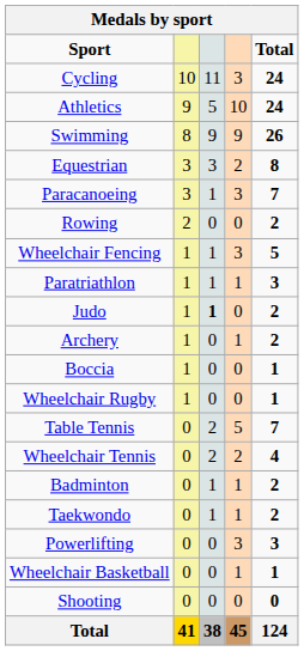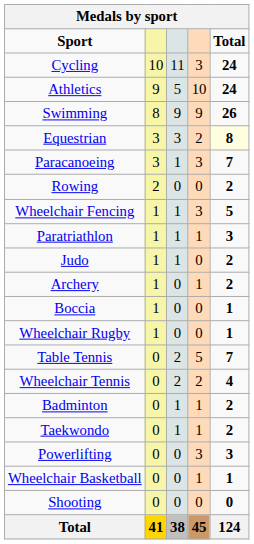 <table class="wikitable" style="font-size:95%">
 <tr style="background:#efefef;">
 <th colspan=5>Medals by sport</th>
 </tr>
 <tr style="text-align:center;">
 <td><strong>Sport</strong></td>
 <td bgcolor=#f7f6a8></td>
 <td bgcolor=#dce5e5></td>
 <td bgcolor=#ffdab9></td>
 <td><strong>Total</strong></td>
 </tr>
 <tr style="text-align:center;">
 <td><a href='#'>Cycling</a></td>
 <td style="background:#F7F6A8;">10</td>
 <td style="background:#DCE5E5;">11</td>
 <td style="background:#FFDAB9;">3</td>
 <td><strong>24</strong></td>
 </tr>
 <tr style="text-align:center;">
 <td><a href='#'>Athletics</a></td>
 <td style="background:#F7F6A8;">9</td>
 <td style="background:#DCE5E5;">5</td>
 <td style="background:#FFDAB9;">10</td>
 <td><strong>24</strong></td>
 </tr>
 <tr style="text-align:center;">
 <td><a href='#'>Swimming</a></td>
 <td style="background:#F7F6A8;">8</td>
 <td style="background:#DCE5E5;">9</td>
 <td style="background:#FFDAB9;">9</td>
 <td><strong>26</strong></td>
 </tr>
 <tr style="text-align:center;">
 <td><a href='#'>Equestrian</a></td>
 <td style="background:#F7F6A8;">3</td>
 <td style="background:#DCE5E5;">3</td>
 <td style="background:#FFDAB9;">2</td>
-<td><strong>8</strong></td>
+<td style="background: lightyellow;"><strong>8</strong></td>
 </tr>
 <tr style="text-align:center;">
 <td><a href='#'>Paracanoeing</a></td>
 <td style="background:#F7F6A8;">3</td>
 <td style="background:#DCE5E5;">1</td>
 <td style="background:#FFDAB9;">3</td>
 <td><strong>7</strong></td>
 </tr>
 <tr style="text-align:center;">
 <td><a href='#'>Rowing</a></td>
 <td style="background:#F7F6A8;">2</td>
 <td style="background:#DCE5E5;">0</td>
 <td style="background:#FFDAB9;">0</td>
 <td><strong>2</strong></td>
 </tr>
 <tr style="text-align:center;">
 <td><a href='#'>Wheelchair Fencing</a></td>
 <td style="background:#F7F6A8;">1</td>
 <td style="background:#DCE5E5;">1</td>
 <td style="background:#FFDAB9;">3</td>
 <td><strong>5</strong></td>
 </tr>
 <tr style="text-align:center;">
 <td><a href='#'>Paratriathlon</a></td>
 <td style="background:#F7F6A8;">1</td>
 <td style="background:#DCE5E5;">1</td>
 <td style="background:#FFDAB9;">1</td>
 <td><strong>3</strong></td>
 </tr>
 <tr style="text-align:center;">
 <td><a href='#'>Judo</a></td>
 <td style="background:#F7F6A8;">1</td>
-<td style="background:#DCE5E5;"><strong>1</strong></td>
+<td style="background:#DCE5E5;">1</td>
 <td style="background:#FFDAB9;">0</td>
 <td><strong>2</strong></td>
 </tr>
 <tr style="text-align:center;">
 <td><a href='#'>Archery</a></td>
 <td style="background:#F7F6A8;">1</td>
 <td style="background:#DCE5E5;">0</td>
 <td style="background:#FFDAB9;">1</td>
 <td><strong>2</strong></td>
 </tr>
 <tr style="text-align:center;">
 <td><a href='#'>Boccia</a></td>
 <td style="background:#F7F6A8;">1</td>
 <td style="background:#DCE5E5;">0</td>
 <td style="background:#FFDAB9;">0</td>
 <td><strong>1</strong></td>
 </tr>
 <tr style="text-align:center;">
 <td><a href='#'>Wheelchair Rugby</a></td>
 <td style="background:#F7F6A8;">1</td>
 <td style="background:#DCE5E5;">0</td>
 <td style="background:#FFDAB9;">0</td>
 <td><strong>1</strong></td>
 </tr>
 <tr style="text-align:center;">
 <td><a href='#'>Table Tennis</a></td>
 <td style="background:#F7F6A8;">0</td>
 <td style="background:#DCE5E5;">2</td>
 <td style="background:#FFDAB9;">5</td>
 <td><strong>7</strong></td>
 </tr>
 <tr style="text-align:center;">
 <td><a href='#'>Wheelchair Tennis</a></td>
 <td style="background:#F7F6A8;">0</td>
 <td style="background:#DCE5E5;">2</td>
 <td style="background:#FFDAB9;">2</td>
 <td><strong>4</strong></td>
 </tr>
 <tr style="text-align:center;">
 <td><a href='#'>Badminton</a></td>
 <td style="background:#F7F6A8;">0</td>
 <td style="background:#DCE5E5;">1</td>
 <td style="background:#FFDAB9;">1</td>
 <td><strong>2</strong></td>
 </tr>
 <tr style="text-align:center;">
 <td><a href='#'>Taekwondo</a></td>
 <td style="background:#F7F6A8;">0</td>
 <td style="background:#DCE5E5;">1</td>
 <td style="background:#FFDAB9;">1</td>
 <td><strong>2</strong></td>
 </tr>
 <tr style="text-align:center;">
 <td><a href='#'>Powerlifting</a></td>
 <td style="background:#F7F6A8;">0</td>
 <td style="background:#DCE5E5;">0</td>
 <td style="background:#FFDAB9;">3</td>
 <td><strong>3</strong></td>
 </tr>
 <tr style="text-align:center;">
 <td><a href='#'>Wheelchair Basketball</a></td>
 <td style="background:#F7F6A8;">0</td>
 <td style="background:#DCE5E5;">0</td>
 <td style="background:#FFDAB9;">1</td>
 <td><strong>1</strong></td>
 </tr>
 <tr style="text-align:center;">
 <td><a href='#'>Shooting</a></td>
 <td style="background:#F7F6A8;">0</td>
 <td style="background:#DCE5E5;">0</td>
 <td style="background:#FFDAB9;">0</td>
 <td><strong>0</strong></td>
 </tr>
 <tr>
 <th>Total</th>
 <th style="background:gold;">41</th>
 <th style="background:silver;">38</th>
 <th style="background:#c96;">45</th>
 <th>124</th>
 </tr>
 </table>
